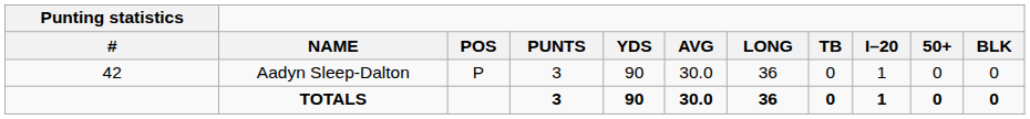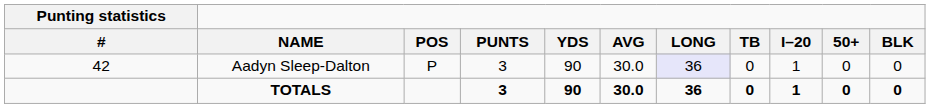 <table style="width:60%; text-align:center;" class="wikitable collapsible collapsed">
 <tr>
 <th style="text-align:center; ">Punting statistics</th>
 </tr>
 <tr>
 <th>#</th>
 <th>NAME</th>
 <th>POS</th>
 <th>PUNTS</th>
 <th>YDS</th>
 <th>AVG</th>
 <th>LONG</th>
 <th>TB</th>
 <th>I–20</th>
 <th>50+</th>
 <th>BLK</th>
 </tr>
 <tr>
 <td>42</td>
 <td>Aadyn Sleep-Dalton</td>
 <td>P</td>
 <td>3</td>
 <td>90</td>
 <td>30.0</td>
-<td>36</td>
+<td style="background: lavender;">36</td>
 <td>0</td>
 <td>1</td>
 <td>0</td>
 <td>0</td>
 </tr>
 <tr>
 <td></td>
 <td><strong>TOTALS</strong></td>
 <td></td>
 <td><strong>3</strong></td>
 <td><strong>90</strong></td>
 <td><strong>30.0</strong></td>
 <td><strong>36</strong></td>
 <td><strong>0</strong></td>
 <td><strong>1</strong></td>
 <td><strong>0</strong></td>
 <td><strong>0</strong></td>
 </tr>
 </table>
